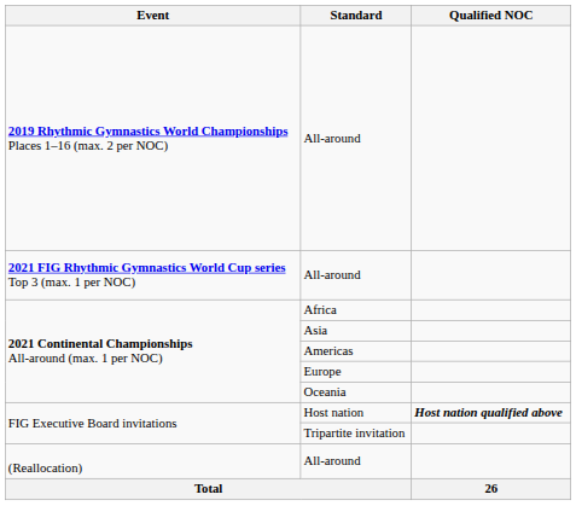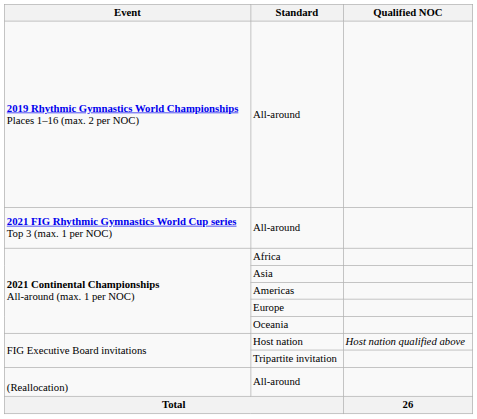 <table class="wikitable" style="width:700px;">
 <tr>
 <th>Event</th>
 <th>Standard</th>
 <th>Qualified NOC</th>
 </tr>
 <tr>
 <td><strong><a href='#'>2019 Rhythmic Gymnastics World Championships</a></strong><br>Places 1–16 (max. 2 per NOC)</td>
 <td>All-around</td>
 <td><br><br><br><br><br><br><br><br><br><br><br><br><br><br><br></td>
 </tr>
 <tr>
 <td><strong><a href='#'>2021 FIG Rhythmic Gymnastics World Cup series</a></strong><br>Top 3 (max. 1 per NOC)</td>
 <td>All-around</td>
 <td><br><br><br></td>
 </tr>
 <tr>
 <td rowspan="5"><strong>2021 Continental Championships</strong><br>All-around (max. 1 per NOC)</td>
 <td>Africa</td>
 <td></td>
 </tr>
 <tr>
 <td>Asia</td>
 <td></td>
 </tr>
 <tr>
 <td>Americas</td>
 <td></td>
 </tr>
 <tr>
 <td>Europe</td>
 <td></td>
 </tr>
 <tr>
 <td>Oceania</td>
 <td></td>
 </tr>
 <tr>
 <td rowspan=2>FIG Executive Board invitations</td>
 <td>Host nation</td>
-<td><strong><em>Host nation qualified above</em></strong></td>
+<td><em>Host nation qualified above</em></td>
 </tr>
 <tr>
 <td>Tripartite invitation</td>
 <td></td>
 </tr>
 <tr>
 <td><br>(Reallocation)</td>
 <td>All-around</td>
 <td></td>
 </tr>
 <tr>
 <th colspan="2">Total</th>
 <th>26</th>
 </tr>
 </table>
